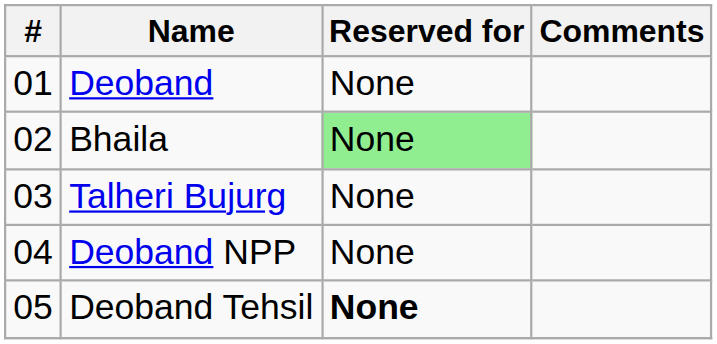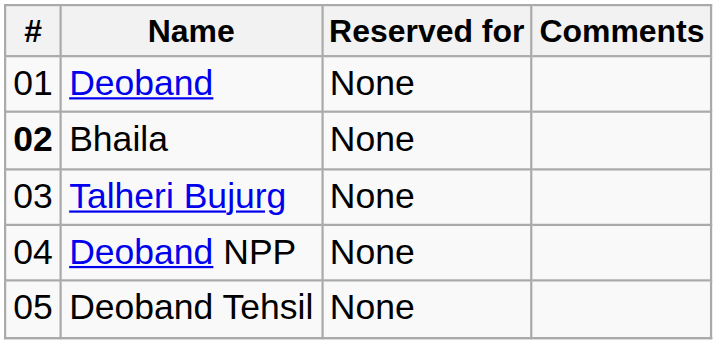 <table class="wikitable sortable">
 <tr>
 <th style="font-size:90%">#</th>
 <th style="font-size:90%">Name</th>
 <th style="font-size:90%">Reserved for</th>
 <th style="font-size:90%">Comments</th>
 </tr>
 <tr>
 <td>01</td>
 <td><a href='#'>Deoband</a></td>
 <td>None</td>
 <td></td>
 </tr>
 <tr>
-<td>02</td>
+<td><strong>02</strong></td>
 <td>Bhaila</td>
-<td style="background: lightgreen;">None</td>
+<td>None</td>
 <td></td>
 </tr>
 <tr>
 <td>03</td>
 <td><a href='#'>Talheri Bujurg</a></td>
 <td>None</td>
 <td></td>
 </tr>
 <tr>
 <td>04</td>
 <td><a href='#'>Deoband</a> NPP</td>
 <td>None</td>
 <td></td>
 </tr>
 <tr>
 <td>05</td>
 <td>Deoband Tehsil</td>
-<td><strong>None</strong></td>
+<td>None</td>
 <td></td>
 </tr>
 <tr>
 </tr>
 </table>
